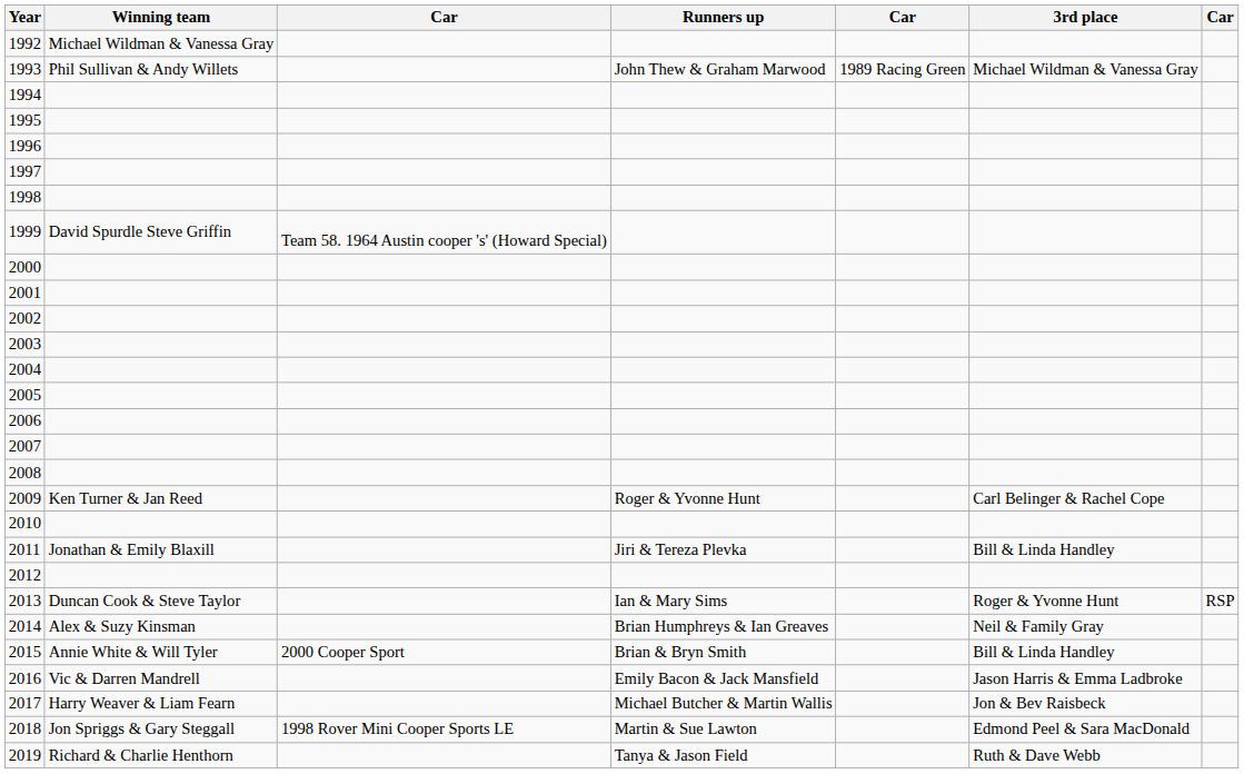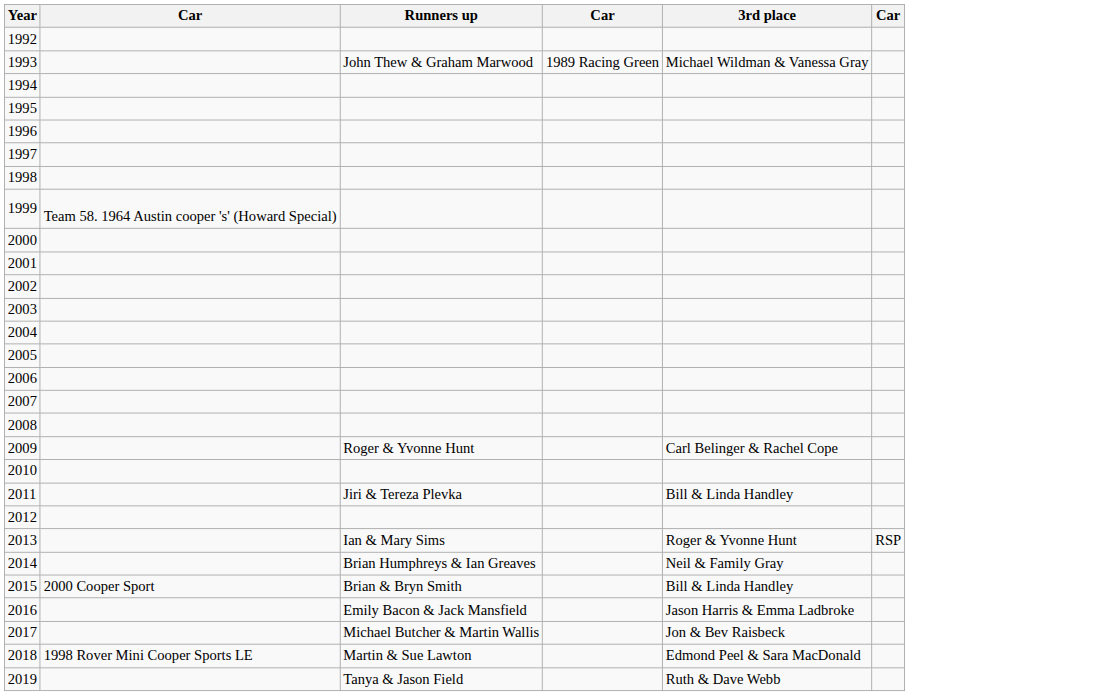 <table class="wikitable">
 <tr>
 <th>Year</th>
-<th>Winning team</th>
 <th>Car</th>
 <th>Runners up</th>
 <th>Car</th>
 <th>3rd place</th>
 <th>Car</th>
 </tr>
 <tr>
 <td>1992</td>
-<td>Michael Wildman & Vanessa Gray</td>
 <td></td>
 <td></td>
 <td></td>
 <td></td>
 <td></td>
 </tr>
 <tr>
 <td>1993</td>
-<td>Phil Sullivan & Andy Willets</td>
 <td></td>
 <td>John Thew & Graham Marwood</td>
 <td>1989 Racing Green</td>
 <td>Michael Wildman & Vanessa Gray</td>
 <td></td>
 </tr>
 <tr>
 <td>1994</td>
 <td></td>
 <td></td>
 <td></td>
 <td></td>
 <td></td>
-<td></td>
 </tr>
 <tr>
 <td>1995</td>
-<td></td>
 <td></td>
 <td></td>
 <td></td>
 <td></td>
 <td></td>
 </tr>
 <tr>
 <td>1996</td>
 <td></td>
 <td></td>
 <td></td>
 <td></td>
 <td></td>
-<td></td>
 </tr>
 <tr>
 <td>1997</td>
-<td></td>
 <td></td>
 <td></td>
 <td></td>
 <td></td>
 <td></td>
 </tr>
 <tr>
 <td>1998</td>
 <td></td>
 <td></td>
 <td></td>
 <td></td>
 <td></td>
-<td></td>
 </tr>
 <tr>
 <td>1999</td>
-<td>David Spurdle Steve Griffin</td>
 <td><br>Team 58. 1964 Austin cooper 's'  (Howard Special)</td>
 <td></td>
 <td></td>
 <td></td>
 <td></td>
 </tr>
 <tr>
 <td>2000</td>
 <td></td>
 <td></td>
 <td></td>
 <td></td>
 <td></td>
-<td></td>
 </tr>
 <tr>
 <td>2001</td>
-<td></td>
 <td></td>
 <td></td>
 <td></td>
 <td></td>
 <td></td>
 </tr>
 <tr>
 <td>2002</td>
 <td></td>
 <td></td>
 <td></td>
 <td></td>
 <td></td>
-<td></td>
 </tr>
 <tr>
 <td>2003</td>
-<td></td>
 <td></td>
 <td></td>
 <td></td>
 <td></td>
 <td></td>
 </tr>
 <tr>
 <td>2004</td>
 <td></td>
 <td></td>
 <td></td>
 <td></td>
 <td></td>
-<td></td>
 </tr>
 <tr>
 <td>2005</td>
-<td></td>
 <td></td>
 <td></td>
 <td></td>
 <td></td>
 <td></td>
 </tr>
 <tr>
 <td>2006</td>
 <td></td>
 <td></td>
 <td></td>
 <td></td>
 <td></td>
-<td></td>
 </tr>
 <tr>
 <td>2007</td>
-<td></td>
 <td></td>
 <td></td>
 <td></td>
 <td></td>
 <td></td>
 </tr>
 <tr>
 <td>2008</td>
 <td></td>
 <td></td>
 <td></td>
 <td></td>
 <td></td>
-<td></td>
 </tr>
 <tr>
 <td>2009</td>
-<td>Ken Turner & Jan Reed</td>
 <td></td>
 <td>Roger & Yvonne Hunt</td>
 <td></td>
 <td>Carl Belinger & Rachel Cope</td>
 <td></td>
 </tr>
 <tr>
 <td>2010</td>
 <td></td>
 <td></td>
 <td></td>
 <td></td>
 <td></td>
-<td></td>
 </tr>
 <tr>
 <td>2011</td>
-<td>Jonathan & Emily Blaxill</td>
 <td></td>
 <td>Jiri & Tereza Plevka</td>
 <td></td>
 <td>Bill & Linda Handley</td>
 <td></td>
 </tr>
 <tr>
 <td>2012</td>
 <td></td>
 <td></td>
 <td></td>
 <td></td>
 <td></td>
-<td></td>
 </tr>
 <tr>
 <td>2013</td>
-<td>Duncan Cook & Steve Taylor</td>
 <td></td>
 <td>Ian & Mary Sims</td>
 <td></td>
 <td>Roger & Yvonne Hunt</td>
 <td>RSP</td>
 </tr>
 <tr>
 <td>2014</td>
-<td>Alex & Suzy Kinsman</td>
 <td></td>
 <td>Brian Humphreys & Ian Greaves</td>
 <td></td>
 <td>Neil & Family Gray</td>
 <td></td>
 </tr>
 <tr>
 <td>2015</td>
-<td>Annie White & Will Tyler</td>
 <td>2000 Cooper Sport</td>
 <td>Brian & Bryn Smith</td>
 <td></td>
 <td>Bill & Linda Handley</td>
 <td></td>
 </tr>
 <tr>
 <td>2016</td>
-<td>Vic & Darren Mandrell</td>
 <td></td>
 <td>Emily Bacon & Jack Mansfield</td>
 <td></td>
 <td>Jason Harris & Emma Ladbroke</td>
 <td></td>
 </tr>
 <tr>
 <td>2017</td>
-<td>Harry Weaver & Liam Fearn</td>
 <td></td>
 <td>Michael Butcher & Martin Wallis</td>
 <td></td>
 <td>Jon & Bev Raisbeck</td>
 <td></td>
 </tr>
 <tr>
 <td>2018</td>
-<td>Jon Spriggs & Gary Steggall</td>
 <td>1998 Rover Mini Cooper Sports LE</td>
 <td>Martin & Sue Lawton</td>
 <td></td>
 <td>Edmond Peel & Sara MacDonald</td>
 <td></td>
 </tr>
 <tr>
 <td>2019</td>
-<td>Richard & Charlie Henthorn</td>
 <td></td>
 <td>Tanya & Jason Field</td>
 <td></td>
 <td>Ruth & Dave Webb</td>
 <td></td>
 </tr>
 </table>
